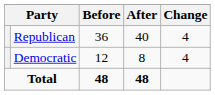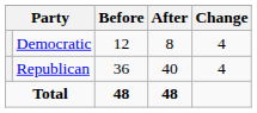 <table class="wikitable" style="text-align:center;">
 <tr>
 </tr>
 <tr>
 <th colspan=2>Party</th>
 <th>Before</th>
 <th>After</th>
 <th>Change</th>
 </tr>
 <tr>
 <th style="background-color:"></th>
-<td style="text-align:left;"><a href='#'>Republican</a></td>
-<td>36</td>
-<td>40</td>
+<td style="text-align:left;"><a href='#'>Democratic</a></td>
+<td>12</td>
+<td>8</td>
 <td> 4</td>
 </tr>
 <tr>
 <th style="background-color:"></th>
-<td style="text-align:left;"><a href='#'>Democratic</a></td>
-<td>12</td>
-<td>8</td>
+<td style="text-align:left;"><a href='#'>Republican</a></td>
+<td>36</td>
+<td>40</td>
 <td> 4</td>
 </tr>
 <tr>
 <td colspan=2><strong>Total</strong></td>
 <td><strong>48</strong></td>
 <td><strong>48</strong></td>
 <td></td>
 </tr>
 </table>
